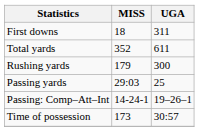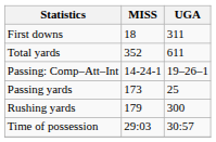 <table class="wikitable" style="float: left;">
 <tr>
 <th>Statistics</th>
 <th>MISS</th>
 <th>UGA</th>
 </tr>
 <tr>
 <td>First downs</td>
 <td>18</td>
 <td>311</td>
 </tr>
 <tr>
 <td>Total yards</td>
 <td>352</td>
 <td>611</td>
 </tr>
 <tr>
+<td>Passing: Comp–Att–Int</td>
+<td>14-24-1</td>
+<td>19–26–1</td>
+</tr>
+<tr>
+<td>Passing yards</td>
+<td>173</td>
+<td>25</td>
+</tr>
+<tr>
 <td>Rushing yards</td>
 <td>179</td>
 <td>300</td>
 </tr>
 <tr>
-<td>Passing yards</td>
+<td>Time of possession</td>
 <td>29:03</td>
-<td>25</td>
-</tr>
-<tr>
-<td>Passing: Comp–Att–Int</td>
-<td>14-24-1</td>
-<td>19–26–1</td>
-</tr>
-<tr>
-<td>Time of possession</td>
-<td>173</td>
 <td>30:57</td>
 </tr>
 <tr>
 </tr>
 </table>
